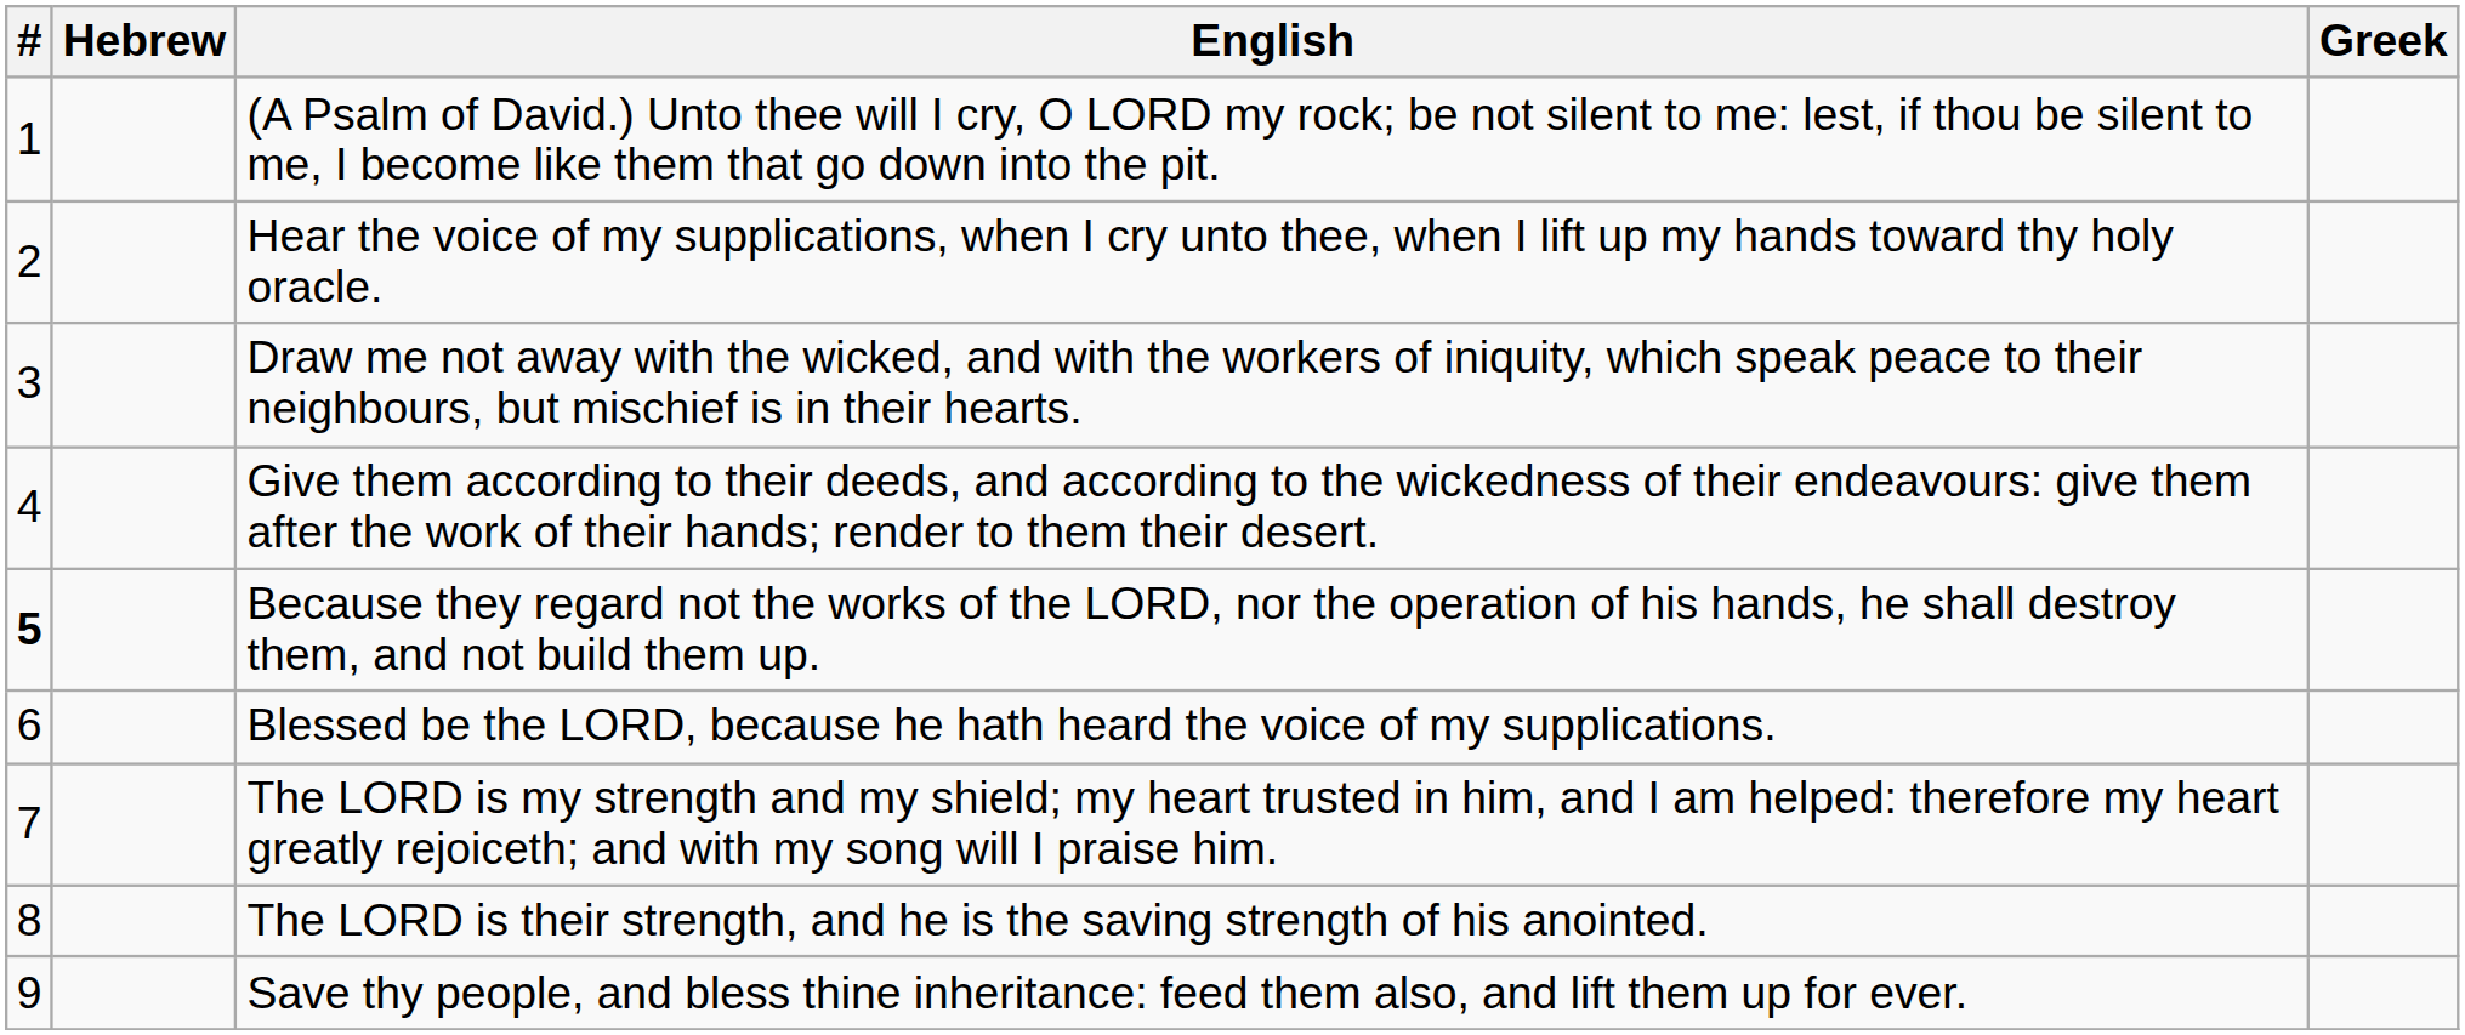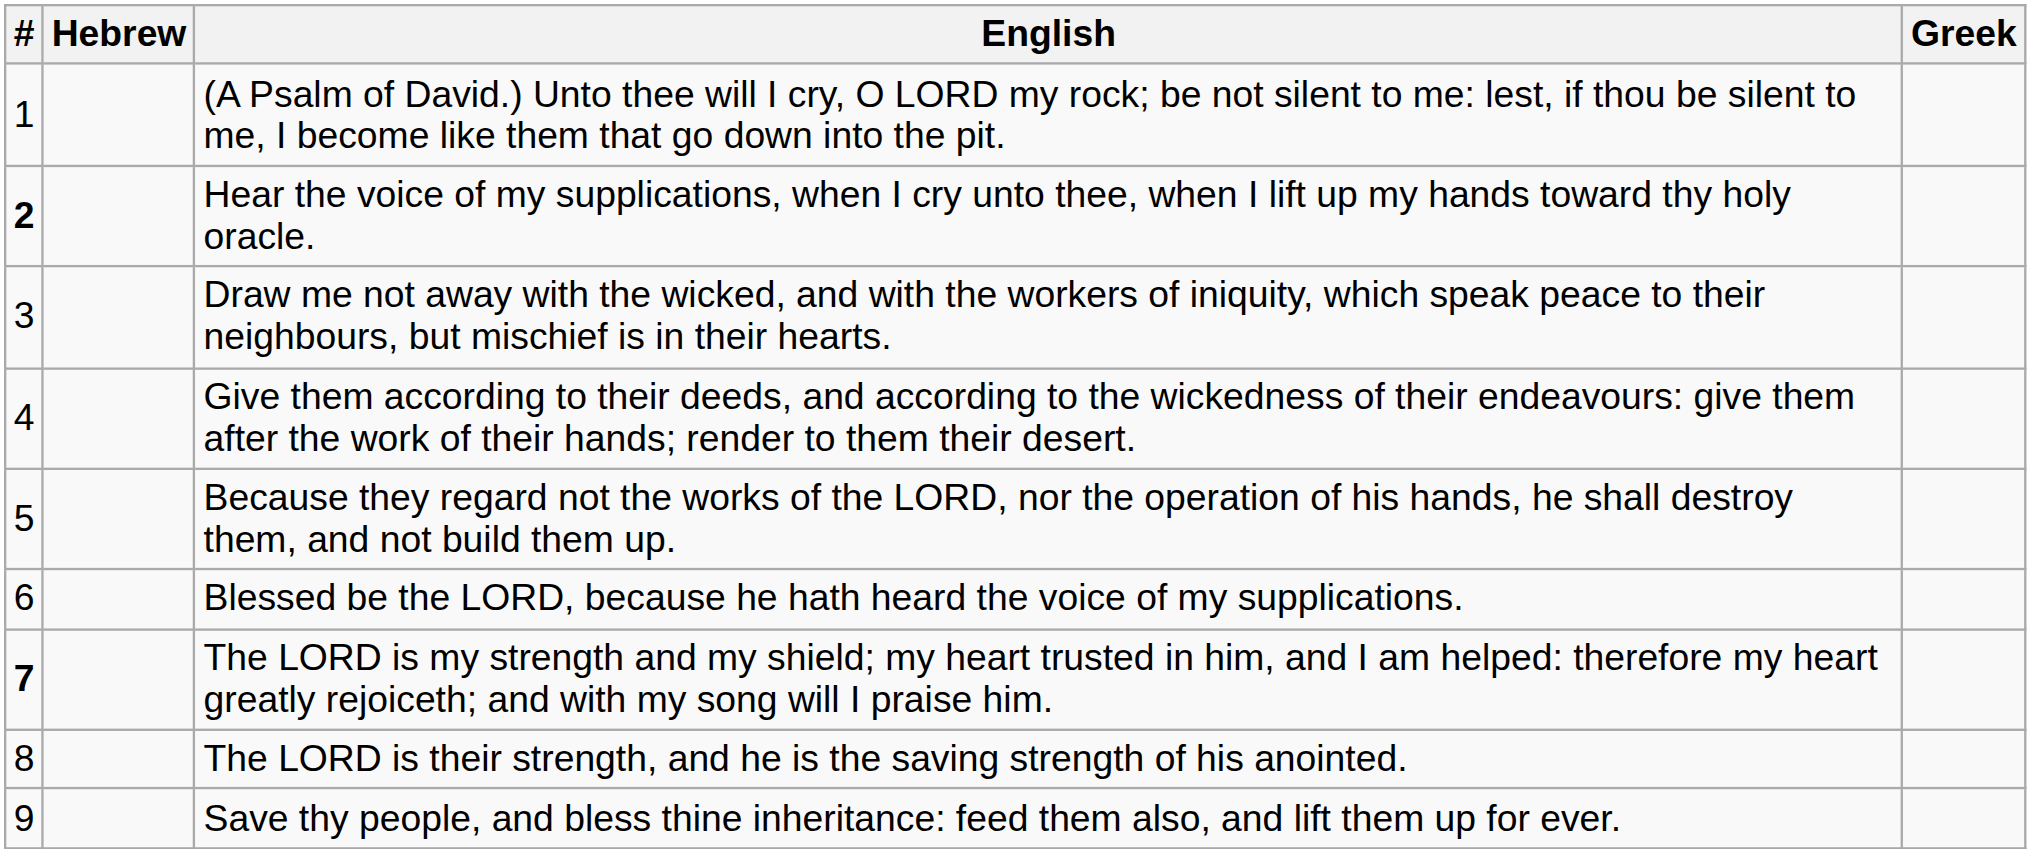 <table class=wikitable>
 <tr>
 <th>#</th>
 <th>Hebrew</th>
 <th>English</th>
 <th>Greek</th>
 </tr>
 <tr>
 <td style="text-align:right">1</td>
 <td style="text-align:right"></td>
 <td>(A Psalm of David.) Unto thee will I cry, O LORD my rock; be not silent to me: lest, if thou be silent to me, I become like them that go down into the pit.</td>
 <td></td>
 </tr>
 <tr>
-<td style="text-align:right">2</td>
+<td style="text-align:right"><strong>2</strong></td>
 <td style="text-align:right"></td>
 <td>Hear the voice of my supplications, when I cry unto thee, when I lift up my hands toward thy holy oracle.</td>
 <td></td>
 </tr>
 <tr>
 <td style="text-align:right">3</td>
 <td style="text-align:right"></td>
 <td>Draw me not away with the wicked, and with the workers of iniquity, which speak peace to their neighbours, but mischief is in their hearts.</td>
 <td></td>
 </tr>
 <tr>
 <td style="text-align:right">4</td>
 <td style="text-align:right"></td>
 <td>Give them according to their deeds, and according to the wickedness of their endeavours: give them after the work of their hands; render to them their desert.</td>
 <td></td>
 </tr>
 <tr>
-<td style="text-align:right"><strong>5</strong></td>
+<td style="text-align:right">5</td>
 <td style="text-align:right"></td>
 <td>Because they regard not the works of the LORD, nor the operation of his hands, he shall destroy them, and not build them up.</td>
 <td></td>
 </tr>
 <tr>
 <td style="text-align:right">6</td>
 <td style="text-align:right"></td>
 <td>Blessed be the LORD, because he hath heard the voice of my supplications.</td>
 <td></td>
 </tr>
 <tr>
-<td style="text-align:right">7</td>
+<td style="text-align:right"><strong>7</strong></td>
 <td style="text-align:right"></td>
 <td>The LORD is my strength and my shield; my heart trusted in him, and I am helped: therefore my heart greatly rejoiceth; and with my song will I praise him.</td>
 <td></td>
 </tr>
 <tr>
 <td style="text-align:right">8</td>
 <td style="text-align:right"></td>
 <td>The LORD is their strength, and he is the saving strength of his anointed.</td>
 <td></td>
 </tr>
 <tr>
 <td style="text-align:right">9</td>
 <td style="text-align:right"></td>
 <td>Save thy people, and bless thine inheritance: feed them also, and lift them up for ever.</td>
 <td></td>
 </tr>
 <tr>
 </tr>
 </table>
